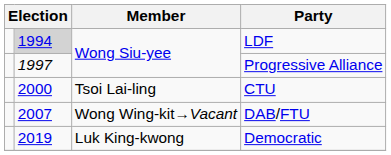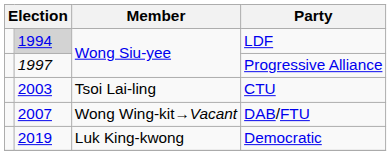 <table class="wikitable">
 <tr>
 <th colspan="2">Election</th>
 <th>Member</th>
 <th>Party</th>
 </tr>
 <tr>
 <td style="background-color: "></td>
 <td style="background: lightgrey;"><a href='#'>1994</a></td>
 <td rowspan=2><a href='#'>Wong Siu-yee</a></td>
 <td><a href='#'>LDF</a></td>
 </tr>
 <tr>
 <td style="background-color: "></td>
 <td><em>1997</em></td>
 <td><a href='#'>Progressive Alliance</a></td>
 </tr>
 <tr>
 <td style="background-color: "></td>
-<td><a href='#'>2000</a></td>
+<td><a href='#'>2003</a></td>
 <td>Tsoi Lai-ling</td>
 <td><a href='#'>CTU</a></td>
 </tr>
 <tr>
 <td style="background-color: "></td>
 <td><a href='#'>2007</a></td>
 <td>Wong Wing-kit→<em>Vacant</em></td>
 <td><a href='#'>DAB</a>/<a href='#'>FTU</a></td>
 </tr>
 <tr>
 <td style="background-color: "></td>
 <td><a href='#'>2019</a></td>
 <td>Luk King-kwong</td>
 <td><a href='#'>Democratic</a></td>
 </tr>
 <tr>
 </tr>
 </table>
